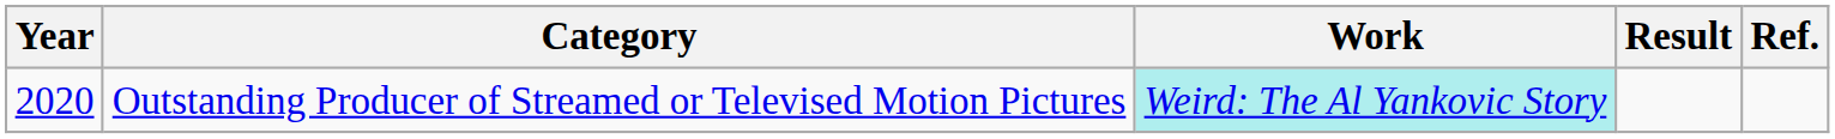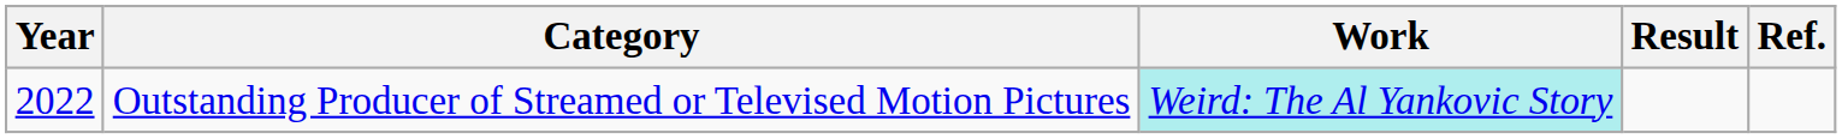 <table class="wikitable">
 <tr>
 <th>Year</th>
 <th>Category</th>
 <th>Work</th>
 <th>Result</th>
 <th>Ref.</th>
 </tr>
 <tr>
-<td><a href='#'>2020</a></td>
+<td><a href='#'>2022</a></td>
 <td><a href='#'>Outstanding Producer of Streamed or Televised Motion Pictures</a></td>
 <td style="background: paleturquoise;"><em><a href='#'>Weird: The Al Yankovic Story</a></em></td>
 <td></td>
 <td align="center"></td>
 </tr>
 </table>
